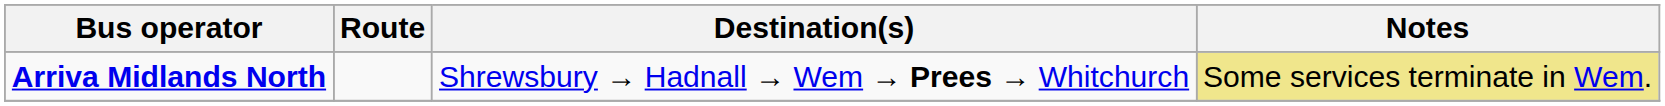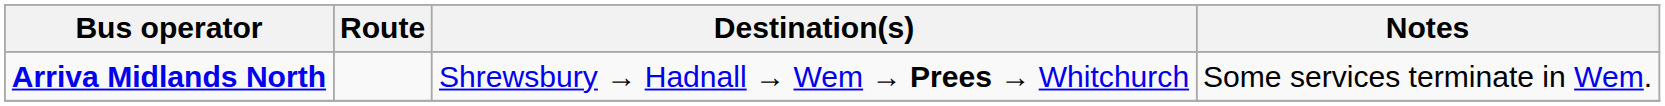 <table class="wikitable">
 <tr>
 <th>Bus operator</th>
 <th>Route</th>
 <th>Destination(s)</th>
 <th>Notes</th>
 </tr>
 <tr>
 <td><strong><a href='#'>Arriva Midlands North</a></strong></td>
 <td><strong></strong></td>
 <td><a href='#'>Shrewsbury</a> → <a href='#'>Hadnall</a> → <a href='#'>Wem</a> → <strong>Prees</strong> → <a href='#'>Whitchurch</a></td>
-<td style="background: khaki;">Some services terminate in <a href='#'>Wem</a>.</td>
+<td>Some services terminate in <a href='#'>Wem</a>.</td>
 </tr>
 <tr>
 </tr>
 </table>
